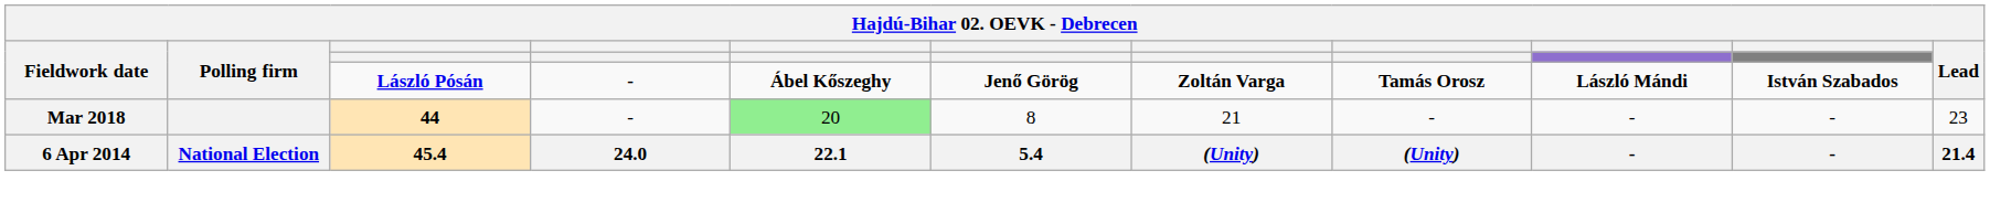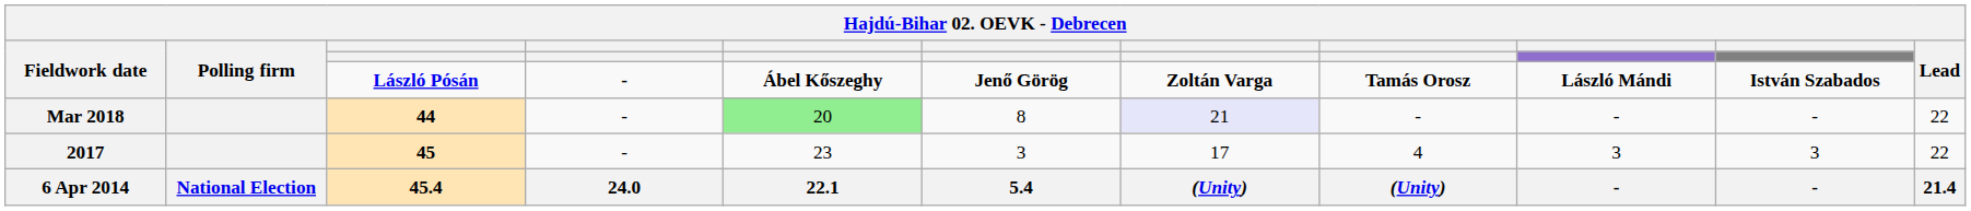 <table class="wikitable mw-collapsible mw-collapsed" style="text-align:center">
 <tr>
 <th colspan="11" style="width: 980pt;"><small><a href='#'>Hajdú-Bihar</a> 02. OEVK - <a href='#'>Debrecen</a></small></th>
 </tr>
 <tr>
 <th rowspan="3" style="width: 80pt;"><small>Fieldwork</small> <small>date</small></th>
 <th rowspan="3" style="width: 80pt;"><strong><small>Polling</small> <small>firm</small></strong></th>
 <th style="width: 100pt;"><small></small></th>
 <th style="width: 100pt;"><small> </small></th>
 <th style="width: 100pt;"></th>
 <th style="width: 100pt;"></th>
 <th style="width: 100pt;"></th>
 <th style="width: 100pt;"></th>
 <th style="width: 100pt;"></th>
 <th style="width: 100pt;"></th>
 <th rowspan="3" style="width: 20pt;"><small>Lead</small></th>
 </tr>
 <tr>
 <th style="color:inherit;background:"></th>
 <th style="color:inherit;background:"></th>
 <th style="color:inherit;background:"></th>
 <th style="color:inherit;background:"></th>
 <th style="color:inherit;background:"></th>
 <th style="color:inherit;background:"></th>
 <th style="color:inherit;background:#8E6FCE;"></th>
 <th style="color:inherit;background:#808080;"></th>
 </tr>
 <tr>
 <td><small><strong><a href='#'>László Pósán</a></strong></small></td>
 <td><small><strong>-</strong></small></td>
 <td><small><strong>Ábel Kőszeghy</strong></small></td>
 <td><small><strong>Jenő Görög</strong></small></td>
 <td><small><strong>Zoltán Varga</strong></small></td>
 <td><small><strong>Tamás Orosz</strong></small></td>
 <td><small><strong>László Mándi</strong></small></td>
 <td><small><strong>István Szabados</strong></small></td>
 </tr>
 <tr>
 <th><small>Mar 2018</small></th>
 <th><small></small></th>
 <td style="background:#FFE5B4"><small><strong>44</strong></small></td>
 <td><small>-</small></td>
 <td style="background: lightgreen;"><small>20</small></td>
 <td><small>8</small></td>
-<td><small>21</small></td>
+<td style="background: lavender;"><small>21</small></td>
 <td><small>-</small></td>
 <td><small>-</small></td>
 <td><small>-</small></td>
-<td style="background:"><small>23</small></td>
+<td style="background:"><small>22</small></td>
+</tr>
+<tr>
+<th><small>2017</small></th>
+<th><small></small></th>
+<td style="background:#FFE5B4"><small><strong>45</strong></small></td>
+<td><small>-</small></td>
+<td><small>23</small></td>
+<td><small>3</small></td>
+<td><small>17</small></td>
+<td><small>4</small></td>
+<td><small>3</small></td>
+<td><small>3</small></td>
+<td style="background:"><small>22</small></td>
 </tr>
 <tr>
 <th><small>6 Apr 2014</small></th>
 <th><a href='#'><small>National Election</small></a></th>
 <th style="background:#FFE5B4"><small><strong>45.4</strong></small></th>
 <th><small>24.0</small></th>
 <th><small>22.1</small></th>
 <th><small>5.4</small></th>
 <th><small><em>(<a href='#'>Unity</a>)</em></small></th>
 <th><small><em>(<a href='#'>Unity</a>)</em></small></th>
 <th><small>-</small></th>
 <th><small>-</small></th>
 <th style="background:"><small>21.4</small></th>
 </tr>
 </table>
